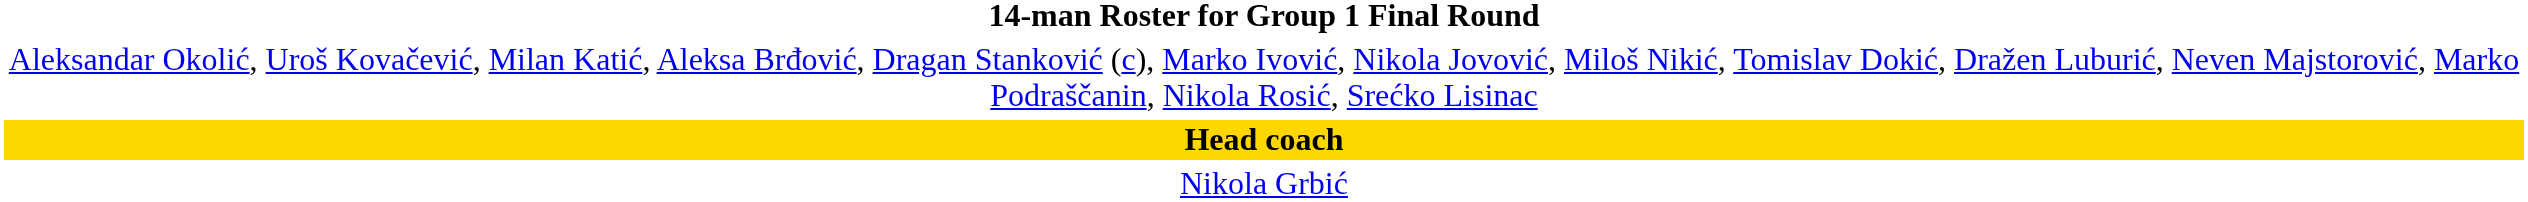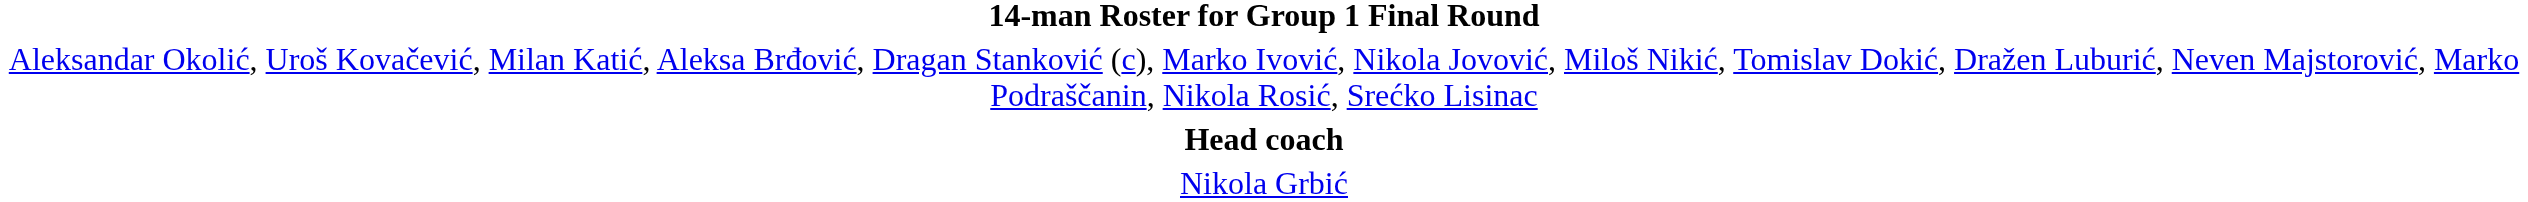 <table style="text-align:center; margin-top:2em; margin-left:auto; margin-right:auto">
 <tr>
 <td><strong>14-man Roster for Group 1 Final Round</strong></td>
 </tr>
 <tr>
 <td><a href='#'>Aleksandar Okolić</a>, <a href='#'>Uroš Kovačević</a>, <a href='#'>Milan Katić</a>, <a href='#'>Aleksa Brđović</a>, <a href='#'>Dragan Stanković</a> (<a href='#'>c</a>), <a href='#'>Marko Ivović</a>, <a href='#'>Nikola Jovović</a>, <a href='#'>Miloš Nikić</a>, <a href='#'>Tomislav Dokić</a>, <a href='#'>Dražen Luburić</a>, <a href='#'>Neven Majstorović</a>, <a href='#'>Marko Podraščanin</a>, <a href='#'>Nikola Rosić</a>, <a href='#'>Srećko Lisinac</a></td>
 </tr>
 <tr>
-<td style="background: gold;"><strong>Head coach</strong></td>
+<td><strong>Head coach</strong></td>
 </tr>
 <tr>
 <td><a href='#'>Nikola Grbić</a></td>
 </tr>
 </table>
